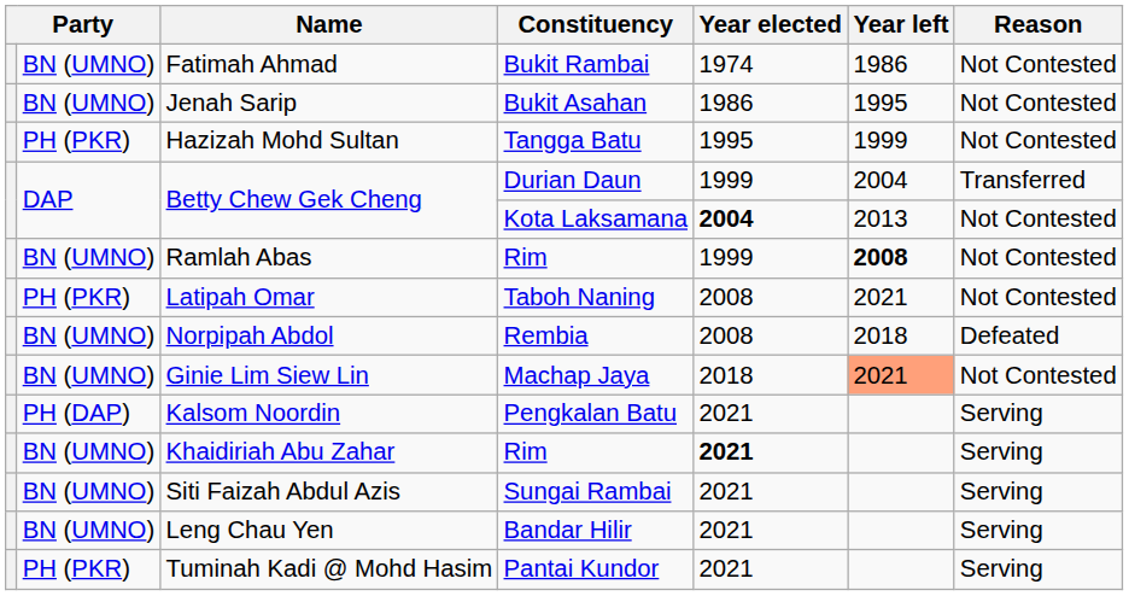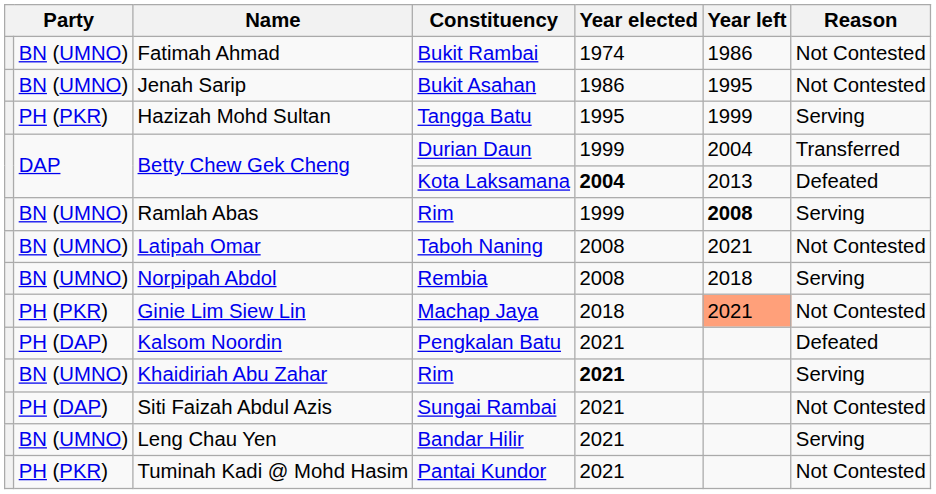 <table class="wikitable sortable">
 <tr>
 <th colspan=2>Party</th>
 <th>Name</th>
 <th>Constituency</th>
 <th>Year elected</th>
 <th>Year left</th>
 <th>Reason</th>
 </tr>
 <tr>
 <th style="background-color: "></th>
 <td><a href='#'>BN</a> (<a href='#'>UMNO</a>)</td>
 <td>Fatimah Ahmad</td>
 <td><a href='#'>Bukit Rambai</a></td>
 <td>1974</td>
 <td>1986</td>
 <td>Not Contested</td>
 </tr>
 <tr>
 <th style="background-color: "></th>
 <td><a href='#'>BN</a> (<a href='#'>UMNO</a>)</td>
 <td>Jenah Sarip</td>
 <td><a href='#'>Bukit Asahan</a></td>
 <td>1986</td>
 <td>1995</td>
 <td>Not Contested</td>
 </tr>
 <tr>
 <th style="background-color: "></th>
 <td><a href='#'>PH</a> (<a href='#'>PKR</a>)</td>
 <td>Hazizah Mohd Sultan</td>
 <td><a href='#'>Tangga Batu</a></td>
 <td>1995</td>
 <td>1999</td>
-<td>Not Contested</td>
+<td>Serving</td>
 </tr>
 <tr>
 <th rowspan=2 style="background-color: "></th>
 <td rowspan=2><a href='#'>DAP</a></td>
 <td rowspan=2><a href='#'>Betty Chew Gek Cheng</a></td>
 <td><a href='#'>Durian Daun</a></td>
 <td>1999</td>
 <td>2004</td>
 <td>Transferred</td>
 </tr>
 <tr>
 <td><a href='#'>Kota Laksamana</a></td>
 <td><strong>2004</strong></td>
 <td>2013</td>
-<td>Not Contested</td>
+<td>Defeated</td>
 </tr>
 <tr>
 <th style="background-color: "></th>
 <td><a href='#'>BN</a> (<a href='#'>UMNO</a>)</td>
 <td>Ramlah Abas</td>
 <td><a href='#'>Rim</a></td>
 <td>1999</td>
 <td><strong>2008</strong></td>
-<td>Not Contested</td>
+<td>Serving</td>
 </tr>
 <tr>
 <th style="background-color: "></th>
-<td><a href='#'>PH</a> (<a href='#'>PKR</a>)</td>
+<td><a href='#'>BN</a> (<a href='#'>UMNO</a>)</td>
 <td><a href='#'>Latipah Omar</a></td>
 <td><a href='#'>Taboh Naning</a></td>
 <td>2008</td>
 <td>2021</td>
 <td>Not Contested</td>
 </tr>
 <tr>
 <th style="background-color: "></th>
 <td><a href='#'>BN</a> (<a href='#'>UMNO</a>)</td>
 <td><a href='#'>Norpipah Abdol</a></td>
 <td><a href='#'>Rembia</a></td>
 <td>2008</td>
 <td>2018</td>
-<td>Defeated</td>
+<td>Serving</td>
 </tr>
 <tr>
 <th style="background-color: "></th>
-<td><a href='#'>BN</a> (<a href='#'>UMNO</a>)</td>
+<td><a href='#'>PH</a> (<a href='#'>PKR</a>)</td>
 <td><a href='#'>Ginie Lim Siew Lin</a></td>
 <td><a href='#'>Machap Jaya</a></td>
 <td>2018</td>
 <td style="background: lightsalmon;">2021</td>
 <td>Not Contested</td>
 </tr>
 <tr>
 <th style="background-color: "></th>
 <td><a href='#'>PH</a> (<a href='#'>DAP</a>)</td>
 <td><a href='#'>Kalsom Noordin</a></td>
 <td><a href='#'>Pengkalan Batu</a></td>
 <td>2021</td>
 <td></td>
-<td>Serving</td>
+<td>Defeated</td>
 </tr>
 <tr>
 <th style="background-color: "></th>
 <td><a href='#'>BN</a> (<a href='#'>UMNO</a>)</td>
 <td><a href='#'>Khaidiriah Abu Zahar</a></td>
 <td><a href='#'>Rim</a></td>
 <td><strong>2021</strong></td>
 <td></td>
 <td>Serving</td>
 </tr>
 <tr>
 <th style="background-color: "></th>
-<td><a href='#'>BN</a> (<a href='#'>UMNO</a>)</td>
+<td><a href='#'>PH</a> (<a href='#'>DAP</a>)</td>
 <td>Siti Faizah Abdul Azis</td>
 <td><a href='#'>Sungai Rambai</a></td>
 <td>2021</td>
 <td></td>
-<td>Serving</td>
+<td>Not Contested</td>
 </tr>
 <tr>
 <th style="background-color: "></th>
 <td><a href='#'>BN</a> (<a href='#'>UMNO</a>)</td>
 <td>Leng Chau Yen</td>
 <td><a href='#'>Bandar Hilir</a></td>
 <td>2021</td>
 <td></td>
 <td>Serving</td>
 </tr>
 <tr>
 <th style="background-color: "></th>
 <td><a href='#'>PH</a> (<a href='#'>PKR</a>)</td>
 <td>Tuminah Kadi @ Mohd Hasim</td>
 <td><a href='#'>Pantai Kundor</a></td>
 <td>2021</td>
 <td></td>
-<td>Serving</td>
+<td>Not Contested</td>
 </tr>
 </table>
